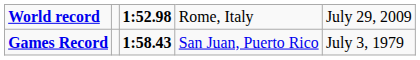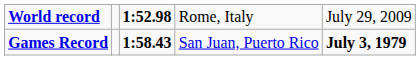 <table class="wikitable">
 <tr>
 <td><strong><a href='#'>World record</a></strong></td>
 <td></td>
 <td><strong>1:52.98</strong></td>
 <td>Rome, Italy</td>
 <td>July 29, 2009</td>
 </tr>
 <tr>
 <td><strong><a href='#'>Games Record</a></strong></td>
 <td></td>
 <td><strong>1:58.43</strong></td>
 <td><a href='#'>San Juan, Puerto Rico</a></td>
-<td>July 3, 1979</td>
+<td><strong>July 3, 1979</strong></td>
 </tr>
 </table>
